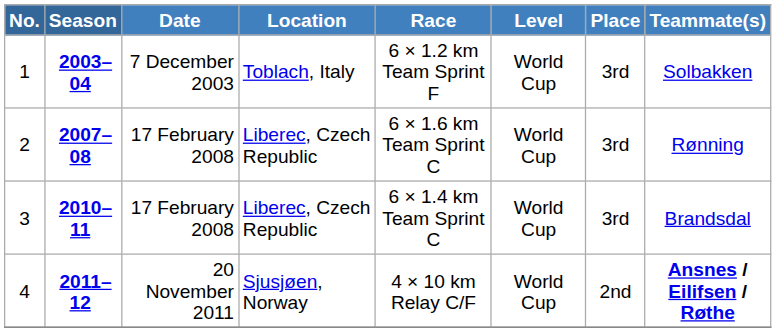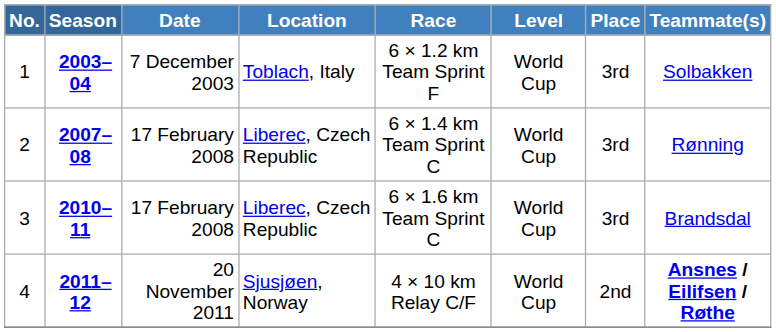 <table class="wikitable sortable" style="font-size:95%; text-align:center; border:grey solid 1px; border-collapse:collapse; background:#ffffff;">
 <tr style="background:#efefef;">
 <th style="background-color:#369; color:white;">No.</th>
 <th style="background-color:#369; color:white;">Season</th>
 <th style="background-color:#4180be; color:white; width:120px;">Date</th>
 <th style="background-color:#4180be; color:white; width:185px;">Location</th>
 <th style="background-color:#4180be; color:white; width:170px;">Race</th>
 <th style="background-color:#4180be; color:white; width:130px;">Level</th>
 <th style="background-color:#4180be; color:white;">Place</th>
 <th style="background-color:#4180be; color:white;">Teammate(s)</th>
 </tr>
 <tr>
 <td align=center>1</td>
 <td rowspan=1 align=center><strong> <a href='#'>2003–04</a> </strong></td>
 <td align=right>7 December 2003</td>
 <td align=left> <a href='#'>Toblach</a>, Italy</td>
 <td>6 × 1.2 km Team Sprint F</td>
 <td>World Cup</td>
 <td>3rd</td>
 <td><a href='#'>Solbakken</a></td>
 </tr>
 <tr>
 <td align=center>2</td>
 <td rowspan=1 align=center><strong> <a href='#'>2007–08</a> </strong></td>
 <td align=right>17 February 2008</td>
 <td align=left> <a href='#'>Liberec</a>, Czech Republic</td>
-<td>6 × 1.6 km Team Sprint C</td>
+<td>6 × 1.4 km Team Sprint C</td>
 <td>World Cup</td>
 <td>3rd</td>
 <td><a href='#'>Rønning</a></td>
 </tr>
 <tr>
 <td align=center>3</td>
 <td rowspan=1 align=center><strong> <a href='#'>2010–11</a> </strong></td>
 <td align=right>17 February 2008</td>
 <td align=left> <a href='#'>Liberec</a>, Czech Republic</td>
-<td>6 × 1.4 km Team Sprint C</td>
+<td>6 × 1.6 km Team Sprint C</td>
 <td>World Cup</td>
 <td>3rd</td>
 <td><a href='#'>Brandsdal</a></td>
 </tr>
 <tr>
 <td align=center>4</td>
 <td rowspan=1 align=center><strong> <a href='#'>2011–12</a> </strong></td>
 <td align=right>20 November 2011</td>
 <td align=left> <a href='#'>Sjusjøen</a>, Norway</td>
 <td>4 × 10 km Relay C/F</td>
 <td>World Cup</td>
 <td>2nd</td>
 <td><strong><a href='#'>Ansnes</a> / <a href='#'>Eilifsen</a> / <a href='#'>Røthe</a></strong></td>
 </tr>
 <tr>
 </tr>
 </table>
